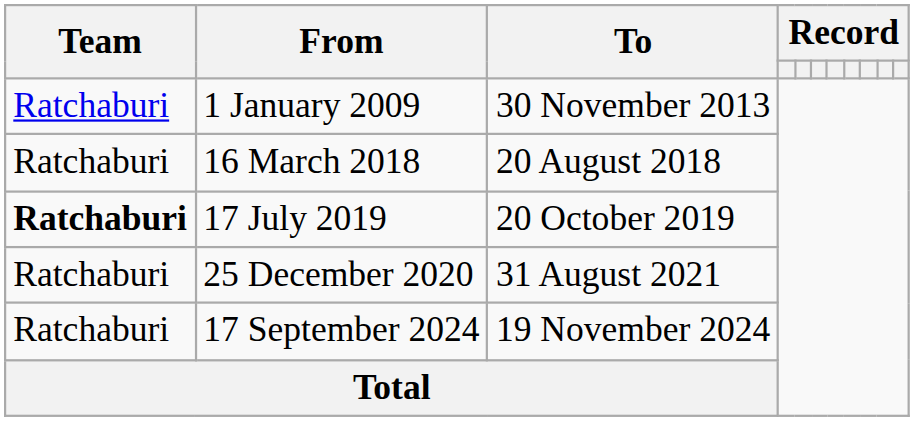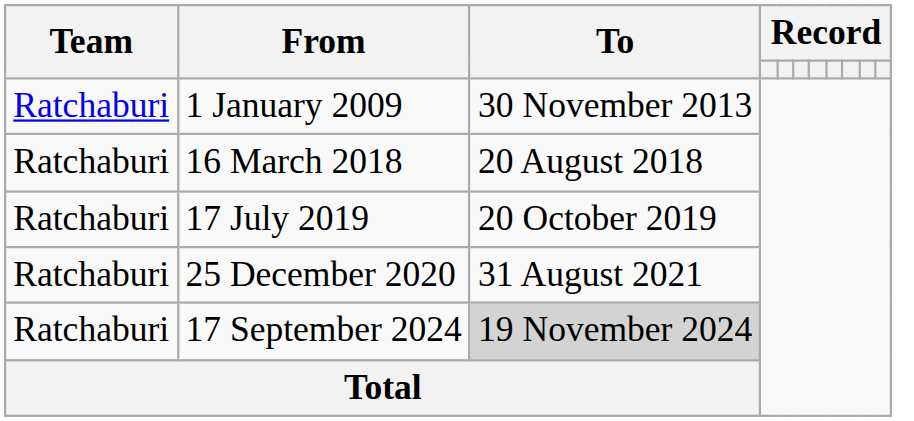 <table class=wikitable style="text-align: center">
 <tr>
 <th rowspan=2>Team</th>
 <th rowspan=2>From</th>
 <th rowspan=2>To</th>
 <th colspan=8>Record</th>
 </tr>
 <tr>
 <th></th>
 <th></th>
 <th></th>
 <th></th>
 <th></th>
 <th></th>
 <th></th>
 <th></th>
 </tr>
 <tr>
 <td align=left><a href='#'>Ratchaburi</a></td>
 <td align=left>1 January 2009</td>
 <td align=left>30 November 2013<br></td>
 </tr>
 <tr>
 <td align=left>Ratchaburi</td>
 <td align=left>16 March 2018</td>
 <td align=left>20 August 2018<br></td>
 </tr>
 <tr>
-<td align=left><strong>Ratchaburi</strong></td>
+<td align=left>Ratchaburi</td>
 <td align=left>17 July 2019</td>
 <td align=left>20 October 2019<br></td>
 </tr>
 <tr>
 <td align=left>Ratchaburi</td>
 <td align=left>25 December 2020</td>
 <td align=left>31 August 2021<br></td>
 </tr>
 <tr>
 <td align=left>Ratchaburi</td>
 <td align=left>17 September 2024</td>
-<td align=left>19 November 2024<br></td>
+<td align=left style="background: lightgrey;">19 November 2024<br></td>
 </tr>
 <tr>
 <th colspan="3">Total<br></th>
 </tr>
 </table>
